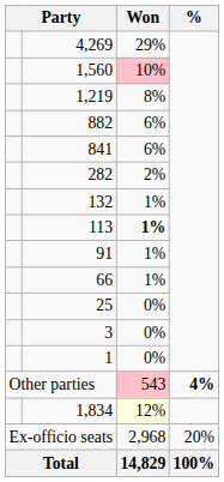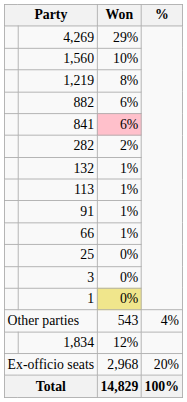 <table class=wikitable style="text-align:right;">
 <tr>
 <th colspan=2>Party</th>
 <th>Won</th>
 <th>%</th>
 </tr>
 <tr>
 <td></td>
 <td>4,269</td>
 <td>29%</td>
 </tr>
 <tr>
 <td></td>
 <td>1,560</td>
-<td style="background: pink;">10%</td>
+<td>10%</td>
 </tr>
 <tr>
 <td></td>
 <td>1,219</td>
 <td>8%</td>
 </tr>
 <tr>
 <td></td>
 <td>882</td>
 <td>6%</td>
 </tr>
 <tr>
 <td></td>
 <td>841</td>
-<td>6%</td>
+<td style="background: pink;">6%</td>
 </tr>
 <tr>
 <td></td>
 <td>282</td>
 <td>2%</td>
 </tr>
 <tr>
 <td></td>
 <td>132</td>
 <td>1%</td>
 </tr>
 <tr>
 <td></td>
 <td>113</td>
-<td><strong>1%</strong></td>
+<td>1%</td>
 </tr>
 <tr>
 <td></td>
 <td>91</td>
 <td>1%</td>
 </tr>
 <tr>
 <td></td>
 <td>66</td>
 <td>1%</td>
 </tr>
 <tr>
 <td></td>
 <td>25</td>
 <td>0%</td>
 </tr>
 <tr>
 <td></td>
 <td>3</td>
 <td>0%</td>
 </tr>
 <tr>
 <td></td>
 <td>1</td>
-<td>0%</td>
+<td style="background: khaki;">0%</td>
 </tr>
 <tr>
 <td colspan=2 align=left>Other parties</td>
-<td style="background: pink;">543</td>
-<td><strong>4%</strong></td>
+<td>543</td>
+<td>4%</td>
 </tr>
 <tr>
 <td></td>
 <td>1,834</td>
-<td style="background: lightyellow;">12%</td>
+<td>12%</td>
 </tr>
 <tr>
 <td colspan=2 align=left>Ex-officio seats</td>
 <td>2,968</td>
 <td>20%</td>
 </tr>
 <tr>
 <th colspan=2>Total</th>
 <th>14,829</th>
 <th>100%</th>
 </tr>
 </table>
